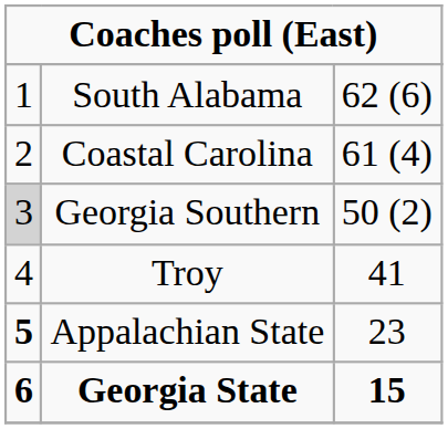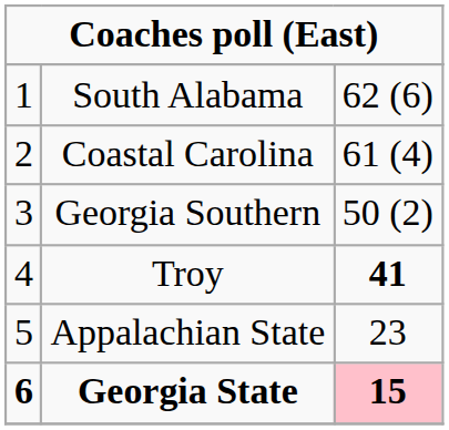 <table class="wikitable">
 <tr align="center">
 <td align="center" Colspan="3"><strong>Coaches poll (East)</strong></td>
 </tr>
 <tr align="center">
 </tr>
 <tr align="center">
 <td>1</td>
 <td>South Alabama</td>
 <td>62 (6)</td>
 </tr>
 <tr align="center">
 <td>2</td>
 <td>Coastal Carolina</td>
 <td>61 (4)</td>
 </tr>
 <tr align="center">
-<td style="background: lightgrey;">3</td>
+<td>3</td>
 <td>Georgia Southern</td>
 <td>50 (2)</td>
 </tr>
 <tr align="center">
 <td>4</td>
 <td>Troy</td>
-<td>41</td>
+<td><strong>41</strong></td>
 </tr>
 <tr align="center">
-<td><strong>5</strong></td>
+<td>5</td>
 <td>Appalachian State</td>
 <td>23</td>
 </tr>
 <tr align="center">
 <td><strong>6</strong></td>
 <td><strong>Georgia State</strong></td>
-<td><strong>15</strong></td>
+<td style="background: pink;"><strong>15</strong></td>
 </tr>
 <tr align="center">
 </tr>
 </table>
